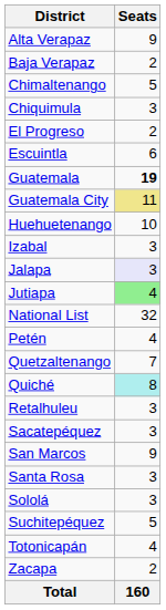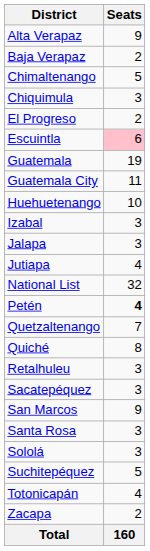 <table class="wikitable sortable" style="text-align:right">
 <tr>
 <th>District</th>
 <th>Seats</th>
 </tr>
 <tr>
 <td align=left><a href='#'>Alta Verapaz</a></td>
 <td>9</td>
 </tr>
 <tr>
 <td align=left><a href='#'>Baja Verapaz</a></td>
 <td>2</td>
 </tr>
 <tr>
 <td align=left><a href='#'>Chimaltenango</a></td>
 <td>5</td>
 </tr>
 <tr>
 <td align=left><a href='#'>Chiquimula</a></td>
 <td>3</td>
 </tr>
 <tr>
 <td align=left><a href='#'>El Progreso</a></td>
 <td>2</td>
 </tr>
 <tr>
 <td align=left><a href='#'>Escuintla</a></td>
-<td>6</td>
+<td style="background: pink;">6</td>
 </tr>
 <tr>
 <td align=left><a href='#'>Guatemala</a></td>
-<td><strong>19</strong></td>
+<td>19</td>
 </tr>
 <tr>
 <td align=left><a href='#'>Guatemala City</a></td>
-<td style="background: khaki;">11</td>
+<td>11</td>
 </tr>
 <tr>
 <td align=left><a href='#'>Huehuetenango</a></td>
 <td>10</td>
 </tr>
 <tr>
 <td align=left><a href='#'>Izabal</a></td>
 <td>3</td>
 </tr>
 <tr>
 <td align=left><a href='#'>Jalapa</a></td>
-<td style="background: lavender;">3</td>
+<td>3</td>
 </tr>
 <tr>
 <td align=left><a href='#'>Jutiapa</a></td>
-<td style="background: lightgreen;">4</td>
+<td>4</td>
 </tr>
 <tr>
 <td align=left><a href='#'>National List</a></td>
 <td>32</td>
 </tr>
 <tr>
 <td align=left><a href='#'>Petén</a></td>
-<td>4</td>
+<td><strong>4</strong></td>
 </tr>
 <tr>
 <td align=left><a href='#'>Quetzaltenango</a></td>
 <td>7</td>
 </tr>
 <tr>
 <td align=left><a href='#'>Quiché</a></td>
-<td style="background: paleturquoise;">8</td>
+<td>8</td>
 </tr>
 <tr>
 <td align=left><a href='#'>Retalhuleu</a></td>
 <td>3</td>
 </tr>
 <tr>
 <td align=left><a href='#'>Sacatepéquez</a></td>
 <td>3</td>
 </tr>
 <tr>
 <td align=left><a href='#'>San Marcos</a></td>
 <td>9</td>
 </tr>
 <tr>
 <td align=left><a href='#'>Santa Rosa</a></td>
 <td>3</td>
 </tr>
 <tr>
 <td align=left><a href='#'>Sololá</a></td>
 <td>3</td>
 </tr>
 <tr>
 <td align=left><a href='#'>Suchitepéquez</a></td>
 <td>5</td>
 </tr>
 <tr>
 <td align=left><a href='#'>Totonicapán</a></td>
 <td>4</td>
 </tr>
 <tr>
 <td align=left><a href='#'>Zacapa</a></td>
 <td>2</td>
 </tr>
 <tr class=sortbottom>
 <th>Total</th>
 <th>160</th>
 </tr>
 </table>
